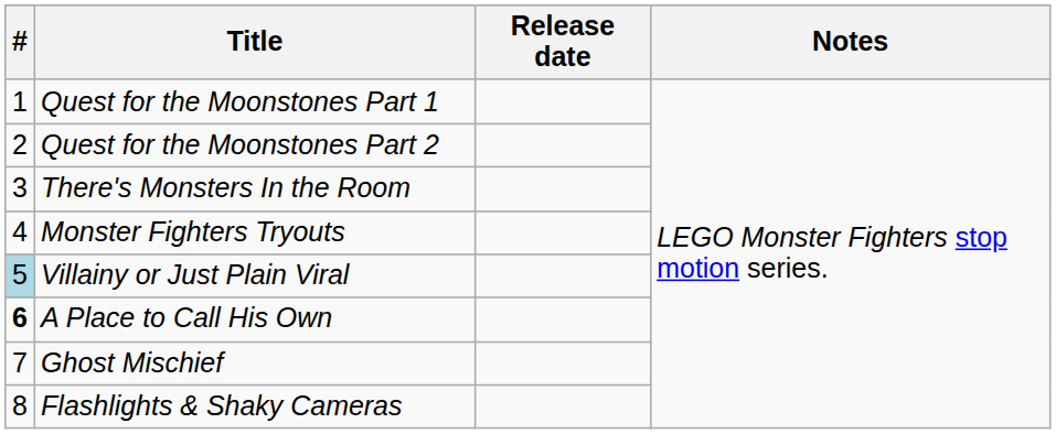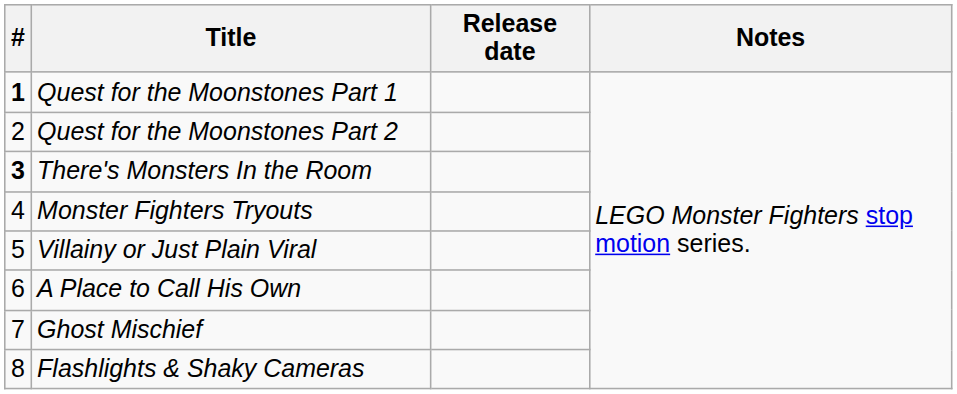 <table class="wikitable sortable">
 <tr>
 <th width=10>#</th>
 <th width=321>Title</th>
 <th width=110>Release date</th>
 <th width=300>Notes</th>
 </tr>
 <tr>
-<td align="center">1</td>
+<td align="center"><strong>1</strong></td>
 <td><em>Quest for the Moonstones Part 1</em></td>
 <td align="right"></td>
 <td rowspan="8"><em>LEGO Monster Fighters</em> <a href='#'>stop motion</a> series.</td>
 </tr>
 <tr>
 <td align="center">2</td>
 <td><em>Quest for the Moonstones Part 2</em></td>
 <td align="right"></td>
 </tr>
 <tr>
-<td align="center">3</td>
+<td align="center"><strong>3</strong></td>
 <td><em>There's Monsters In the Room</em></td>
 <td align="right"></td>
 </tr>
 <tr>
 <td align="center">4</td>
 <td><em>Monster Fighters Tryouts</em></td>
 <td align="right"></td>
 </tr>
 <tr>
-<td align="center" style="background: lightblue;">5</td>
+<td align="center">5</td>
 <td><em>Villainy or Just Plain Viral</em></td>
 <td align="right"></td>
 </tr>
 <tr>
-<td align="center"><strong>6</strong></td>
+<td align="center">6</td>
 <td><em>A Place to Call His Own</em></td>
 <td align="right"></td>
 </tr>
 <tr>
 <td align="center">7</td>
 <td><em>Ghost Mischief</em></td>
 <td align="right"></td>
 </tr>
 <tr>
 <td align="center">8</td>
 <td><em>Flashlights & Shaky Cameras</em></td>
 <td align="right"></td>
 </tr>
 </table>
